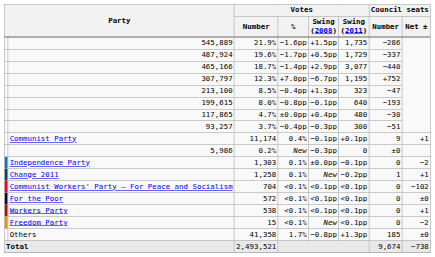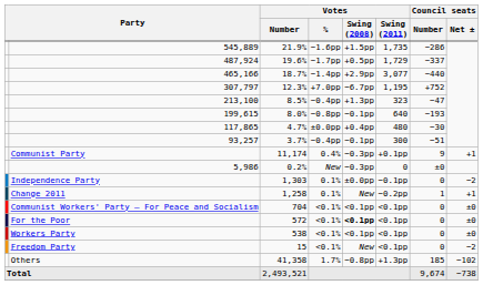 <table class="wikitable" style="font-size: 95%;">
 <tr>
 <th rowspan="2" colspan="2" style="border-bottom: 2px solid gray;">Party</th>
 <th colspan="4">Votes</th>
 <th colspan="2">Council seats</th>
 </tr>
 <tr style="border-bottom: 2px solid gray;">
 <th>Number</th>
 <th>%</th>
 <th>Swing<br> (<a href='#'>2008</a>)</th>
 <th>Swing<br> (<a href='#'>2011</a>)</th>
 <th>Number</th>
 <th>Net ±</th>
 </tr>
 <tr align="right">
 <td></td>
 <td>545,889</td>
 <td>21.9%</td>
 <td>−1.6pp</td>
 <td>+1.5pp</td>
 <td>1,735</td>
 <td>−286</td>
 </tr>
 <tr align="right">
 <td></td>
 <td>487,924</td>
 <td>19.6%</td>
 <td>−1.7pp</td>
 <td>+0.5pp</td>
 <td>1,729</td>
 <td>−337</td>
 </tr>
 <tr align="right">
 <td></td>
 <td>465,166</td>
 <td>18.7%</td>
 <td>−1.4pp</td>
 <td>+2.9pp</td>
 <td>3,077</td>
 <td>−440</td>
 </tr>
 <tr align="right">
 <td></td>
 <td>307,797</td>
 <td>12.3%</td>
 <td>+7.0pp</td>
 <td>−6.7pp</td>
 <td>1,195</td>
 <td>+752</td>
 </tr>
 <tr align="right">
 <td></td>
 <td>213,100</td>
 <td>8.5%</td>
 <td>−0.4pp</td>
 <td>+1.3pp</td>
 <td>323</td>
 <td>−47</td>
 </tr>
 <tr align="right">
 <td></td>
 <td>199,615</td>
 <td>8.0%</td>
 <td>−0.8pp</td>
 <td>−0.1pp</td>
 <td>640</td>
 <td>−193</td>
 </tr>
 <tr align="right">
 <td></td>
 <td>117,865</td>
 <td>4.7%</td>
 <td>±0.0pp</td>
 <td>+0.4pp</td>
 <td>480</td>
 <td>−30</td>
 </tr>
 <tr align="right">
 <td></td>
 <td>93,257</td>
 <td>3.7%</td>
 <td>−0.4pp</td>
-<td>−0.3pp</td>
+<td>−0.1pp</td>
 <td>300</td>
 <td>−51</td>
 </tr>
 <tr align="right">
 <td></td>
 <td align="left"><a href='#'>Communist Party</a></td>
 <td>11,174</td>
 <td>0.4%</td>
-<td>−0.1pp</td>
+<td>−0.3pp</td>
 <td>+0.1pp</td>
 <td>9</td>
 <td>+1</td>
 </tr>
 <tr align="right">
 <td></td>
 <td>5,986</td>
 <td>0.2%</td>
 <td><em>New</em></td>
 <td>−0.3pp</td>
 <td>0</td>
 <td>±0</td>
 </tr>
 <tr align="right">
 <td bgcolor="#017BC4"></td>
 <td align="left"><a href='#'>Independence Party</a></td>
 <td>1,303</td>
 <td>0.1%</td>
 <td>±0.0pp</td>
 <td>−0.1pp</td>
 <td>0</td>
 <td>−2</td>
 </tr>
 <tr align="right">
 <td bgcolor="#004460"></td>
 <td align="left"><a href='#'>Change 2011</a></td>
 <td>1,258</td>
 <td>0.1%</td>
 <td><em>New</em></td>
 <td>−0.2pp</td>
 <td>1</td>
 <td>+1</td>
 </tr>
 <tr align="right">
 <td bgcolor="#FF0000"></td>
 <td align="left"><a href='#'>Communist Workers' Party – For Peace and Socialism</a></td>
 <td>704</td>
 <td><0.1%</td>
 <td><0.1pp</td>
 <td><0.1pp</td>
 <td>0</td>
-<td>−102</td>
+<td>±0</td>
 </tr>
 <tr align="right">
 <td bgcolor="#0D064A"></td>
 <td align="left"><a href='#'>For the Poor</a></td>
 <td>572</td>
 <td><0.1%</td>
-<td><0.1pp</td>
+<td><strong><0.1pp</strong></td>
 <td><0.1pp</td>
 <td>0</td>
 <td>±0</td>
 </tr>
 <tr align="right">
 <td bgcolor="#CC0000"></td>
 <td align="left"><a href='#'>Workers Party</a></td>
 <td>538</td>
 <td><0.1%</td>
 <td><0.1pp</td>
 <td><0.1pp</td>
 <td>0</td>
-<td>+1</td>
+<td>±0</td>
 </tr>
 <tr align="right">
 <td bgcolor="#F39501"></td>
 <td align="left"><a href='#'>Freedom Party</a></td>
 <td>15</td>
 <td><0.1%</td>
 <td><em>New</em></td>
 <td><0.1pp</td>
 <td>0</td>
 <td>−2</td>
 </tr>
 <tr align="right">
 <td></td>
 <td align="left">Others</td>
 <td>41,358</td>
 <td>1.7%</td>
 <td>−0.8pp</td>
 <td>+1.3pp</td>
 <td>185</td>
-<td>±0</td>
+<td>−102</td>
 </tr>
 <tr>
 <td bgcolor="#E9E9E9" colspan="2"><strong>Total</strong></td>
 <td bgcolor="#E9E9E9">2,493,521</td>
 <td bgcolor="#E9E9E9" colspan="3"></td>
 <td bgcolor="#E9E9E9" align="right">9,674</td>
 <td bgcolor="#E9E9E9" align="right">−738</td>
 </tr>
 <tr>
 </tr>
 </table>
